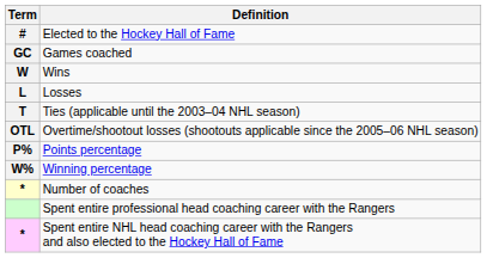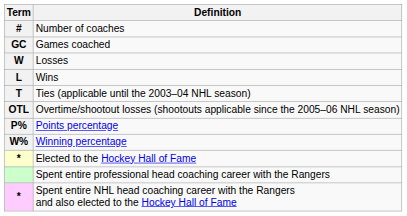 <table class="wikitable">
 <tr>
 <th scope="col">Term</th>
 <th scope="col">Definition</th>
 </tr>
 <tr>
 <th scope="row">#</th>
-<td>Elected to the <a href='#'>Hockey Hall of Fame</a></td>
+<td>Number of coaches</td>
 </tr>
 <tr>
 <th scope="row">GC</th>
 <td>Games coached</td>
 </tr>
 <tr>
 <th scope="row">W</th>
-<td>Wins</td>
+<td>Losses</td>
 </tr>
 <tr>
 <th scope="row">L</th>
-<td>Losses</td>
+<td>Wins</td>
 </tr>
 <tr>
 <th scope="row">T</th>
 <td>Ties (applicable until the 2003–04 NHL season)</td>
 </tr>
 <tr>
 <th scope="row">OTL</th>
 <td>Overtime/shootout losses (shootouts applicable since the 2005–06 NHL season)</td>
 </tr>
 <tr>
 <th scope="row">P%</th>
 <td><a href='#'>Points percentage</a></td>
 </tr>
 <tr>
 <th scope="row">W%</th>
 <td><a href='#'>Winning percentage</a></td>
 </tr>
 <tr>
 <th scope="row" style="background-color:#ffc;">*</th>
-<td>Number of coaches</td>
+<td>Elected to the <a href='#'>Hockey Hall of Fame</a></td>
 </tr>
 <tr>
 <th scope="row" style="background-color:#cfc;"></th>
 <td>Spent entire professional head coaching career with the Rangers</td>
 </tr>
 <tr>
 <th scope="row" style="background-color:#fcf;">*</th>
 <td>Spent entire NHL head coaching career with the Rangers<br>and also elected to the <a href='#'>Hockey Hall of Fame</a></td>
 </tr>
 </table>
